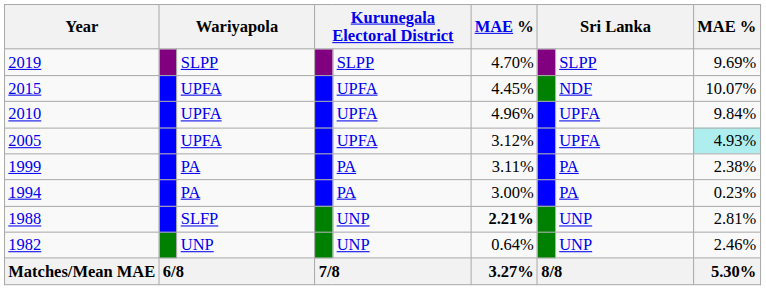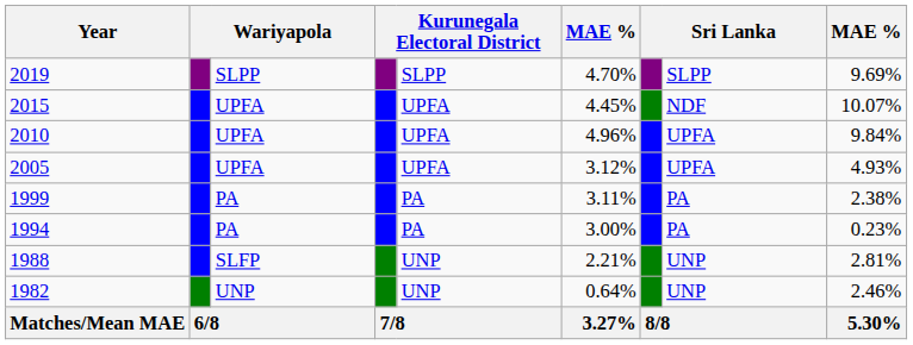 <table class="wikitable">
 <tr>
 <th>Year</th>
 <th colspan="2" width="144px">Wariyapola</th>
 <th colspan="2" width="144px"><a href='#'>Kurunegala Electoral District</a></th>
 <th><a href='#'>MAE</a> %</th>
 <th colspan="2" width="144px">Sri Lanka</th>
 <th>MAE %</th>
 </tr>
 <tr>
 <td><a href='#'>2019</a></td>
 <td style="background-color:purple;" width="10px"></td>
 <td style="text-align:left;"><a href='#'>SLPP</a></td>
 <td style="background-color:purple;" width="10px"></td>
 <td style="text-align:left;"><a href='#'>SLPP</a></td>
 <td style="text-align:right;">4.70%</td>
 <td style="background-color:purple;" width="10px"></td>
 <td style="text-align:left;"><a href='#'>SLPP</a></td>
 <td style="text-align:right;">9.69%</td>
 </tr>
 <tr>
 <td><a href='#'>2015</a></td>
 <td style="background-color:blue;" width="10px"></td>
 <td style="text-align:left;"><a href='#'>UPFA</a></td>
 <td style="background-color:blue;" width="10px"></td>
 <td style="text-align:left;"><a href='#'>UPFA</a></td>
 <td style="text-align:right;">4.45%</td>
 <td style="background-color:green;" width="10px"></td>
 <td style="text-align:left;"><a href='#'>NDF</a></td>
 <td style="text-align:right;">10.07%</td>
 </tr>
 <tr>
 <td><a href='#'>2010</a></td>
 <td style="background-color:blue;" width="10px"></td>
 <td style="text-align:left;"><a href='#'>UPFA</a></td>
 <td style="background-color:blue;" width="10px"></td>
 <td style="text-align:left;"><a href='#'>UPFA</a></td>
 <td style="text-align:right;">4.96%</td>
 <td style="background-color:blue;" width="10px"></td>
 <td style="text-align:left;"><a href='#'>UPFA</a></td>
 <td style="text-align:right;">9.84%</td>
 </tr>
 <tr>
 <td><a href='#'>2005</a></td>
 <td style="background-color:blue;" width="10px"></td>
 <td style="text-align:left;"><a href='#'>UPFA</a></td>
 <td style="background-color:blue;" width="10px"></td>
 <td style="text-align:left;"><a href='#'>UPFA</a></td>
 <td style="text-align:right;">3.12%</td>
 <td style="background-color:blue;" width="10px"></td>
 <td style="text-align:left;"><a href='#'>UPFA</a></td>
-<td style="background: paleturquoise; text-align:right;">4.93%</td>
+<td style="text-align:right;">4.93%</td>
 </tr>
 <tr>
 <td><a href='#'>1999</a></td>
 <td style="background-color:blue;" width="10px"></td>
 <td style="text-align:left;"><a href='#'>PA</a></td>
 <td style="background-color:blue;" width="10px"></td>
 <td style="text-align:left;"><a href='#'>PA</a></td>
 <td style="text-align:right;">3.11%</td>
 <td style="background-color:blue;" width="10px"></td>
 <td style="text-align:left;"><a href='#'>PA</a></td>
 <td style="text-align:right;">2.38%</td>
 </tr>
 <tr>
 <td><a href='#'>1994</a></td>
 <td style="background-color:blue;" width="10px"></td>
 <td style="text-align:left;"><a href='#'>PA</a></td>
 <td style="background-color:blue;" width="10px"></td>
 <td style="text-align:left;"><a href='#'>PA</a></td>
 <td style="text-align:right;">3.00%</td>
 <td style="background-color:blue;" width="10px"></td>
 <td style="text-align:left;"><a href='#'>PA</a></td>
 <td style="text-align:right;">0.23%</td>
 </tr>
 <tr>
 <td><a href='#'>1988</a></td>
 <td style="background-color:blue;" width="10px"></td>
 <td style="text-align:left;"><a href='#'>SLFP</a></td>
 <td style="background-color:green;" width="10px"></td>
 <td style="text-align:left;"><a href='#'>UNP</a></td>
-<td style="text-align:right;"><strong>2.21%</strong></td>
+<td style="text-align:right;">2.21%</td>
 <td style="background-color:green;" width="10px"></td>
 <td style="text-align:left;"><a href='#'>UNP</a></td>
 <td style="text-align:right;">2.81%</td>
 </tr>
 <tr>
 <td><a href='#'>1982</a></td>
 <td style="background-color:green;" width="10px"></td>
 <td style="text-align:left;"><a href='#'>UNP</a></td>
 <td style="background-color:green;" width="10px"></td>
 <td style="text-align:left;"><a href='#'>UNP</a></td>
 <td style="text-align:right;">0.64%</td>
 <td style="background-color:green;" width="10px"></td>
 <td style="text-align:left;"><a href='#'>UNP</a></td>
 <td style="text-align:right;">2.46%</td>
 </tr>
 <tr>
 <th>Matches/Mean MAE</th>
 <th style="text-align:left;"colspan="2" width="144px">6/8</th>
 <th style="text-align:left;"colspan="2" width="144px">7/8</th>
 <th style="text-align:right;">3.27%</th>
 <th style="text-align:left;"colspan="2" width="144px">8/8</th>
 <th style="text-align:right;">5.30%</th>
 </tr>
 </table>
